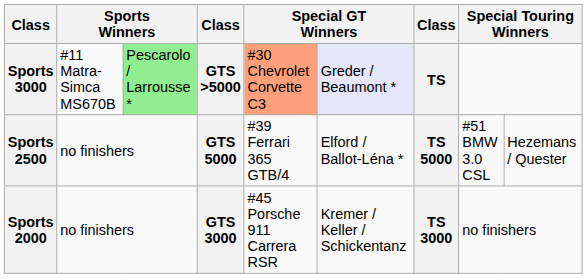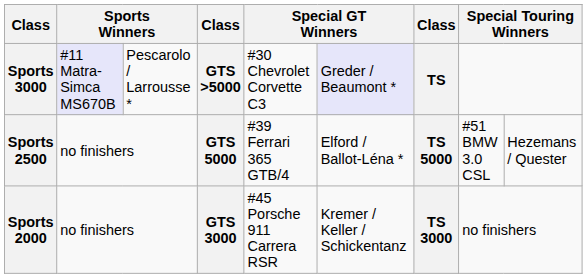 <table class="wikitable" style="font-size: 95%">
 <tr>
 <th>Class</th>
 <th colspan=2>Sports<br>Winners</th>
 <th>Class</th>
 <th colspan=2>Special GT<br>Winners</th>
 <th>Class</th>
 <th colspan=2>Special Touring<br>Winners</th>
 </tr>
 <tr>
 <th>Sports<br> 3000</th>
-<td>#11 Matra-Simca MS670B</td>
-<td style="background: lightgreen;">Pescarolo / Larrousse *</td>
+<td style="background: lavender;">#11 Matra-Simca MS670B</td>
+<td>Pescarolo / Larrousse *</td>
 <th>GTS<br> >5000</th>
-<td style="background: lightsalmon;">#30 Chevrolet Corvette C3</td>
+<td>#30 Chevrolet Corvette C3</td>
 <td style="background: lavender;">Greder / Beaumont *</td>
 <th>TS</th>
 <td colspan=2></td>
 </tr>
 <tr>
 <th>Sports<br> 2500</th>
 <td colspan=2>no finishers</td>
 <th>GTS<br> 5000</th>
 <td>#39 Ferrari 365 GTB/4</td>
 <td>Elford / Ballot-Léna *</td>
 <th>TS<br> 5000</th>
 <td>#51 BMW 3.0 CSL</td>
 <td>Hezemans / Quester</td>
 </tr>
 <tr>
 <th>Sports<br> 2000</th>
 <td colspan=2>no finishers</td>
 <th>GTS <br> 3000</th>
 <td>#45 Porsche 911 Carrera RSR</td>
 <td>Kremer / Keller / Schickentanz</td>
 <th>TS <br> 3000</th>
 <td colspan=2>no finishers</td>
 </tr>
 </table>
